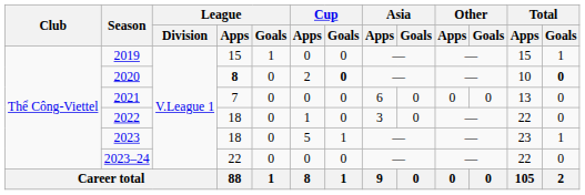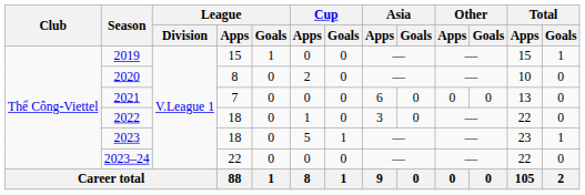 <table class=wikitable style=text-align:center>
 <tr>
 <th rowspan=2>Club</th>
 <th rowspan=2>Season</th>
 <th colspan=3>League</th>
 <th colspan=2><a href='#'>Cup</a></th>
 <th colspan=2>Asia</th>
 <th colspan=2>Other</th>
 <th colspan=2>Total</th>
 </tr>
 <tr>
 <th>Division</th>
 <th>Apps</th>
 <th>Goals</th>
 <th>Apps</th>
 <th>Goals</th>
 <th>Apps</th>
 <th>Goals</th>
 <th>Apps</th>
 <th>Goals</th>
 <th>Apps</th>
 <th>Goals</th>
 </tr>
 <tr>
 <td rowspan=6><a href='#'>Thể Công-Viettel</a></td>
 <td><a href='#'>2019</a></td>
 <td rowspan=6><a href='#'>V.League 1</a></td>
 <td>15</td>
 <td>1</td>
 <td>0</td>
 <td>0</td>
 <td colspan=2>—</td>
 <td colspan=2>—</td>
 <td>15</td>
 <td>1</td>
 </tr>
 <tr>
 <td><a href='#'>2020</a></td>
-<td><strong>8</strong></td>
+<td>8</td>
 <td>0</td>
 <td>2</td>
-<td><strong>0</strong></td>
+<td>0</td>
 <td colspan=2>—</td>
 <td colspan=2>—</td>
 <td>10</td>
-<td><strong>0</strong></td>
+<td>0</td>
 </tr>
 <tr>
 <td><a href='#'>2021</a></td>
 <td>7</td>
 <td>0</td>
 <td>0</td>
 <td>0</td>
 <td>6</td>
 <td>0</td>
 <td>0</td>
 <td>0</td>
 <td>13</td>
 <td>0</td>
 </tr>
 <tr>
 <td><a href='#'>2022</a></td>
 <td>18</td>
 <td>0</td>
 <td>1</td>
 <td>0</td>
 <td>3</td>
 <td>0</td>
 <td colspan=2>—</td>
 <td>22</td>
 <td>0</td>
 </tr>
 <tr>
 <td><a href='#'>2023</a></td>
 <td>18</td>
 <td>0</td>
 <td>5</td>
 <td>1</td>
 <td colspan=2>—</td>
 <td colspan=2>—</td>
 <td>23</td>
 <td>1</td>
 </tr>
 <tr>
 <td><a href='#'>2023–24</a></td>
 <td>22</td>
 <td>0</td>
 <td>0</td>
 <td>0</td>
 <td colspan=2>—</td>
 <td colspan=2>—</td>
 <td>22</td>
 <td>0</td>
 </tr>
 <tr>
 <th colspan=3>Career total</th>
 <th>88</th>
 <th>1</th>
 <th>8</th>
 <th>1</th>
 <th>9</th>
 <th>0</th>
 <th>0</th>
 <th>0</th>
 <th>105</th>
 <th>2</th>
 </tr>
 </table>
